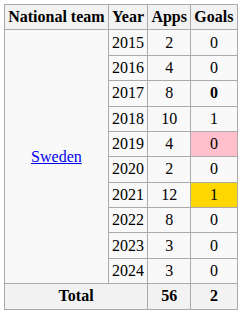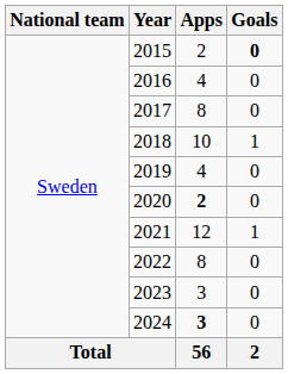 <table class="wikitable" style="text-align:center">
 <tr>
 <th>National team</th>
 <th>Year</th>
 <th>Apps</th>
 <th>Goals</th>
 </tr>
 <tr>
 <td rowspan="10"><a href='#'>Sweden</a></td>
 <td>2015</td>
 <td>2</td>
-<td>0</td>
+<td><strong>0</strong></td>
 </tr>
 <tr>
 <td>2016</td>
 <td>4</td>
 <td>0</td>
 </tr>
 <tr>
 <td>2017</td>
 <td>8</td>
-<td><strong>0</strong></td>
+<td>0</td>
 </tr>
 <tr>
 <td>2018</td>
 <td>10</td>
 <td>1</td>
 </tr>
 <tr>
 <td>2019</td>
 <td>4</td>
-<td style="background: pink;">0</td>
+<td>0</td>
 </tr>
 <tr>
 <td>2020</td>
-<td>2</td>
+<td><strong>2</strong></td>
 <td>0</td>
 </tr>
 <tr>
 <td>2021</td>
 <td>12</td>
-<td style="background: gold;">1</td>
+<td>1</td>
 </tr>
 <tr>
 <td>2022</td>
 <td>8</td>
 <td>0</td>
 </tr>
 <tr>
 <td>2023</td>
 <td>3</td>
 <td>0</td>
 </tr>
 <tr>
 <td>2024</td>
-<td>3</td>
+<td><strong>3</strong></td>
 <td>0</td>
 </tr>
 <tr>
 <th colspan="2">Total</th>
 <th>56</th>
 <th>2</th>
 </tr>
 </table>
